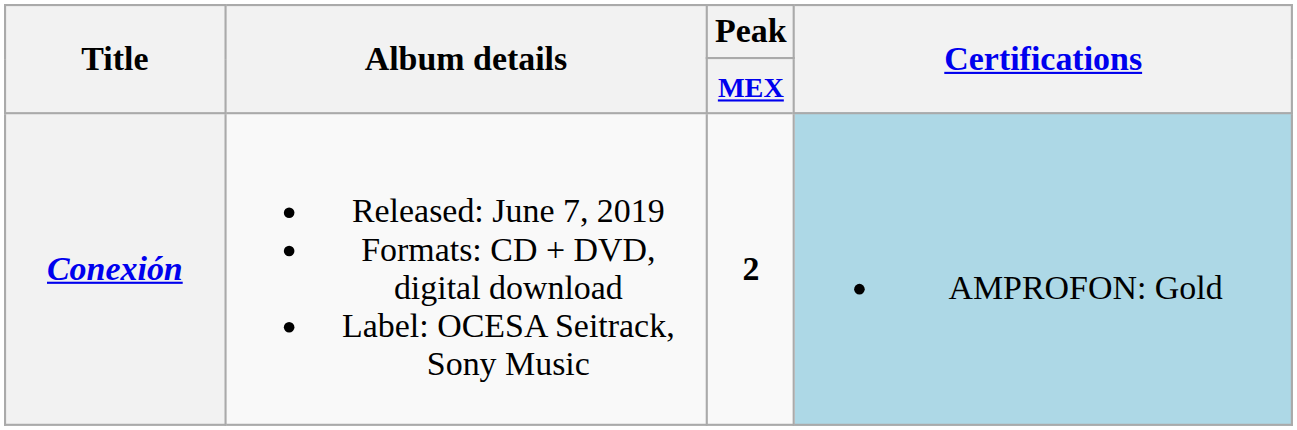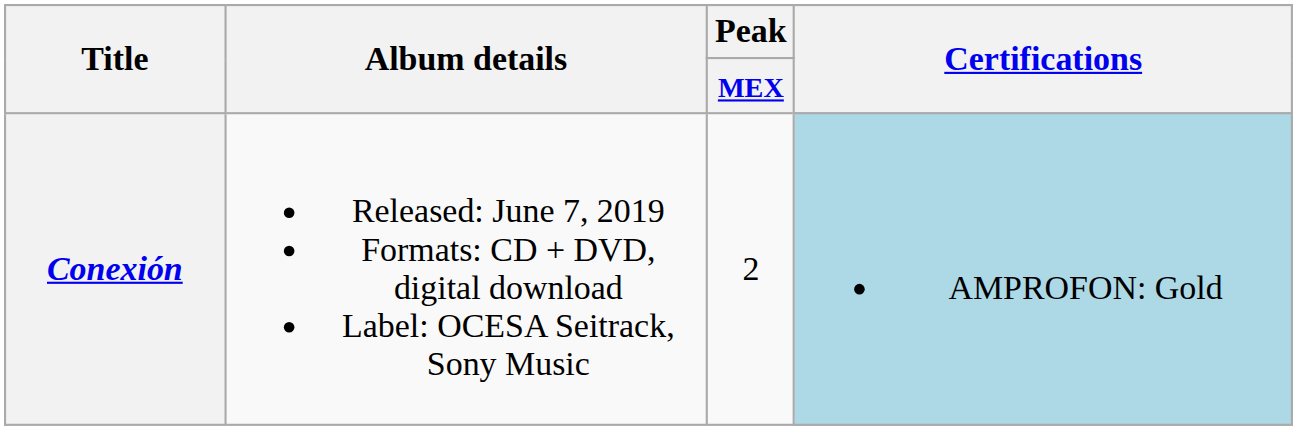 <table class="wikitable plainrowheaders" style="text-align:center;">
 <tr>
 <th rowspan="2" scope="col" style="width:8em;">Title</th>
 <th rowspan="2" scope="col" style="width:21em;">Album details</th>
 <th>Peak</th>
 <th rowspan="2" scope="col" style="width:20em;"><a href='#'>Certifications</a></th>
 </tr>
 <tr>
 <th><small><a href='#'>MEX</a></small><br></th>
 </tr>
 <tr>
 <th scope="row" align="center"><em><a href='#'>Conexión</a></em></th>
 <td><br><ul><li>Released: June 7, 2019</li><li>Formats: CD + DVD, digital download</li><li>Label: OCESA Seitrack, Sony Music</li></ul></td>
-<td><strong>2</strong></td>
+<td>2</td>
 <td style="background: lightblue;"><br><ul><li>AMPROFON: Gold</li></ul></td>
 </tr>
 </table>
